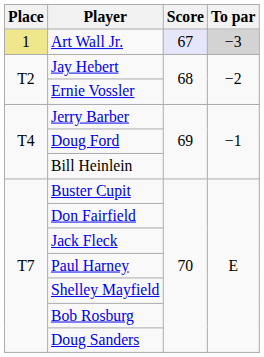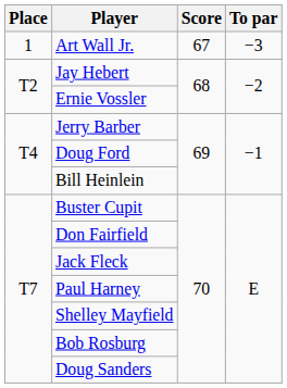 <table class=wikitable>
 <tr>
 <th>Place</th>
 <th>Player</th>
 <th>Score</th>
 <th>To par</th>
 </tr>
 <tr>
-<td align=center style="background: khaki;">1</td>
+<td align=center>1</td>
 <td> <a href='#'>Art Wall Jr.</a></td>
-<td align=center style="background: lavender;">67</td>
-<td align=center style="background: lightgrey;">−3</td>
+<td align=center>67</td>
+<td align=center>−3</td>
 </tr>
 <tr>
 <td rowspan=2 align=center>T2</td>
 <td> <a href='#'>Jay Hebert</a></td>
 <td rowspan=2 align=center>68</td>
 <td rowspan=2 align=center>−2</td>
 </tr>
 <tr>
 <td> <a href='#'>Ernie Vossler</a></td>
 </tr>
 <tr>
 <td rowspan=3 align=center>T4</td>
 <td> <a href='#'>Jerry Barber</a></td>
 <td rowspan=3 align=center>69</td>
 <td rowspan=3 align=center>−1</td>
 </tr>
 <tr>
 <td> <a href='#'>Doug Ford</a></td>
 </tr>
 <tr>
 <td> Bill Heinlein</td>
 </tr>
 <tr>
 <td rowspan=7 align=center>T7</td>
 <td> <a href='#'>Buster Cupit</a></td>
 <td rowspan=7 align=center>70</td>
 <td rowspan=7 align=center>E</td>
 </tr>
 <tr>
 <td> <a href='#'>Don Fairfield</a></td>
 </tr>
 <tr>
 <td> <a href='#'>Jack Fleck</a></td>
 </tr>
 <tr>
 <td> <a href='#'>Paul Harney</a></td>
 </tr>
 <tr>
 <td> <a href='#'>Shelley Mayfield</a></td>
 </tr>
 <tr>
 <td> <a href='#'>Bob Rosburg</a></td>
 </tr>
 <tr>
 <td> <a href='#'>Doug Sanders</a></td>
 </tr>
 </table>
